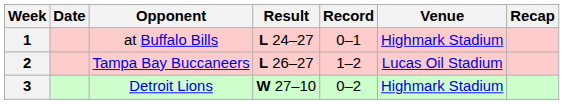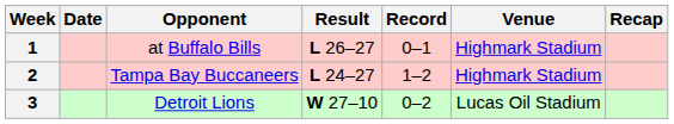 <table class="wikitable" style="text-align:center">
 <tr>
 <th>Week</th>
 <th>Date</th>
 <th>Opponent</th>
 <th>Result</th>
 <th>Record</th>
 <th>Venue</th>
 <th>Recap</th>
 </tr>
 <tr style="background:#fcc">
 <th>1</th>
 <td></td>
 <td>at <a href='#'>Buffalo Bills</a></td>
-<td><strong>L</strong> 24–27</td>
+<td><strong>L</strong> 26–27</td>
 <td>0–1</td>
 <td><a href='#'>Highmark Stadium</a></td>
 <td></td>
 </tr>
 <tr style="background:#fcc">
 <th>2</th>
 <td></td>
 <td><a href='#'>Tampa Bay Buccaneers</a></td>
-<td><strong>L</strong> 26–27</td>
+<td><strong>L</strong> 24–27</td>
 <td>1–2</td>
-<td><a href='#'>Lucas Oil Stadium</a></td>
+<td><a href='#'>Highmark Stadium</a></td>
 <td></td>
 </tr>
 <tr style="background:#cfc">
 <th>3</th>
 <td></td>
 <td><a href='#'>Detroit Lions</a></td>
 <td><strong>W</strong> 27–10</td>
 <td>0–2</td>
-<td><a href='#'>Highmark Stadium</a></td>
+<td>Lucas Oil Stadium</td>
 <td></td>
 </tr>
 </table>
